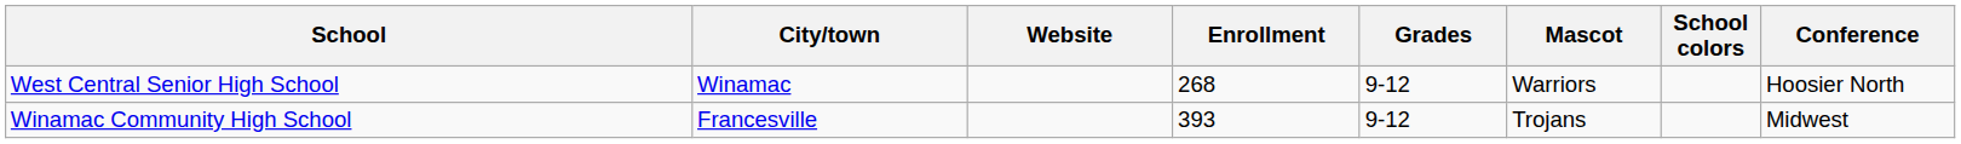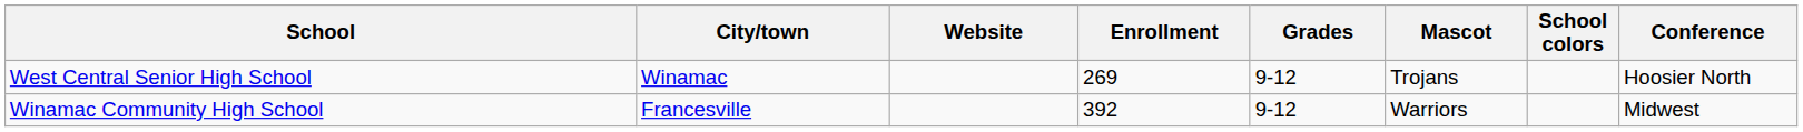 <table class="wikitable sortable" width="70%">
 <tr>
 <th width="20%">School</th>
 <th width="08%">City/town</th>
 <th width="06%">Website</th>
 <th width="04%">Enrollment</th>
 <th width="04%">Grades</th>
 <th width="04%">Mascot</th>
 <th width=01%>School colors</th>
 <th width="04%">Conference</th>
 </tr>
 <tr>
 <td><a href='#'>West Central Senior High School</a></td>
 <td><a href='#'>Winamac</a></td>
 <td></td>
-<td>268</td>
+<td>269</td>
 <td>9-12</td>
-<td>Warriors</td>
+<td>Trojans</td>
 <td> </td>
 <td>Hoosier North</td>
 </tr>
 <tr>
 <td><a href='#'>Winamac Community High School</a></td>
 <td><a href='#'>Francesville</a></td>
 <td></td>
-<td>393</td>
+<td>392</td>
 <td>9-12</td>
-<td>Trojans</td>
+<td>Warriors</td>
 <td> </td>
 <td>Midwest</td>
 </tr>
 </table>
